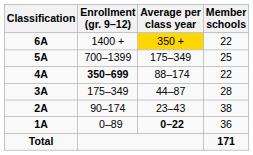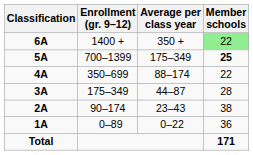 <table class="wikitable" style="text-align: center;">
 <tr>
 <th>Classification</th>
 <th>Enrollment<br>(gr. 9–12)</th>
 <th>Average per<br>class year</th>
 <th>Member<br>schools</th>
 </tr>
 <tr>
 <td><strong>6A</strong></td>
 <td>1400 +</td>
-<td style="background: gold;">350 +</td>
-<td>22 </td>
+<td>350 +</td>
+<td style="background: lightgreen;">22 </td>
 </tr>
 <tr>
 <td><strong>5A</strong></td>
 <td>700–1399</td>
 <td>175–349</td>
-<td>25 </td>
+<td><strong>25 </strong></td>
 </tr>
 <tr>
 <td><strong>4A</strong></td>
-<td><strong>350–699</strong></td>
+<td>350–699</td>
 <td> 88–174</td>
 <td>22 </td>
 </tr>
 <tr>
 <td><strong>3A</strong></td>
 <td>175–349</td>
 <td>44–87</td>
 <td>28 </td>
 </tr>
 <tr>
 <td><strong>2A</strong></td>
 <td>90–174</td>
 <td>23–43</td>
 <td>38  </td>
 </tr>
 <tr>
 <td><strong>1A</strong></td>
 <td>  0–89</td>
-<td><strong> 0–22</strong></td>
+<td> 0–22</td>
 <td>36 </td>
 </tr>
 <tr>
 <td><strong>Total</strong></td>
 <td colspan=2></td>
 <td><strong>171</strong> </td>
 </tr>
 </table>
